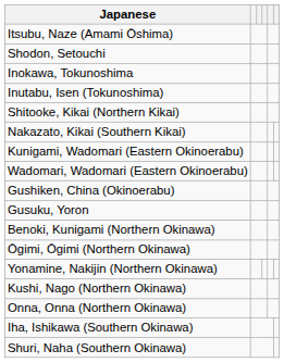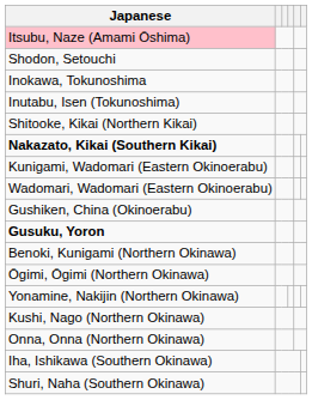 <table class="wikitable">
 <tr>
 <th>Japanese</th>
 <th></th>
 <th></th>
 <th></th>
 <th></th>
 <th></th>
 </tr>
 <tr>
-<td>Itsubu, Naze (Amami Ōshima)</td>
+<td style="background: pink;">Itsubu, Naze (Amami Ōshima)</td>
 <td colspan="3"></td>
 <td colspan="2"></td>
 </tr>
 <tr>
 <td>Shodon, Setouchi</td>
 <td colspan="3"></td>
 <td colspan="2"></td>
 </tr>
 <tr>
 <td>Inokawa, Tokunoshima</td>
 <td colspan="3"></td>
 <td colspan="2"></td>
 </tr>
 <tr>
 <td>Inutabu, Isen (Tokunoshima)</td>
 <td colspan="3"></td>
 <td colspan="2"></td>
 </tr>
 <tr>
 <td>Shitooke, Kikai (Northern Kikai)</td>
 <td colspan="3"></td>
 <td colspan="2"></td>
 </tr>
 <tr>
-<td>Nakazato, Kikai (Southern Kikai)</td>
+<td><strong>Nakazato, Kikai (Southern Kikai)</strong></td>
 <td colspan="3"></td>
 <td></td>
 <td></td>
 </tr>
 <tr>
 <td>Kunigami, Wadomari (Eastern Okinoerabu)</td>
 <td colspan="3"></td>
 <td></td>
 <td></td>
 </tr>
 <tr>
 <td>Wadomari, Wadomari (Eastern Okinoerabu)</td>
 <td colspan="3"></td>
 <td></td>
 <td></td>
 </tr>
 <tr>
 <td>Gushiken, China (Okinoerabu)</td>
 <td colspan="3"></td>
 <td colspan="2"></td>
 </tr>
 <tr>
-<td>Gusuku, Yoron</td>
+<td><strong>Gusuku, Yoron</strong></td>
 <td colspan="3"></td>
 <td colspan="2"></td>
 </tr>
 <tr>
 <td>Benoki, Kunigami (Northern Okinawa)</td>
 <td colspan="3"></td>
 <td colspan="2"></td>
 </tr>
 <tr>
 <td>Ōgimi, Ōgimi (Northern Okinawa)</td>
 <td colspan="3"></td>
 <td colspan="2"></td>
 </tr>
 <tr>
 <td>Yonamine, Nakijin (Northern Okinawa)</td>
 <td colspan="2"></td>
 <td></td>
 <td></td>
 <td></td>
 </tr>
 <tr>
 <td>Kushi, Nago (Northern Okinawa)</td>
 <td colspan="3"></td>
 <td colspan="2"></td>
 </tr>
 <tr>
 <td>Onna, Onna (Northern Okinawa)</td>
 <td colspan="3"></td>
 <td colspan="2"></td>
 </tr>
 <tr>
 <td>Iha, Ishikawa (Southern Okinawa)</td>
 <td colspan="4"></td>
 <td></td>
 </tr>
 <tr>
 <td>Shuri, Naha (Southern Okinawa)</td>
 <td colspan="4"></td>
 <td></td>
 </tr>
 </table>
